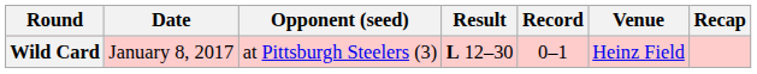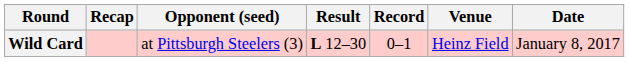 <table class="wikitable" style="text-align:center">
 <tr>
 <th>Round</th>
-<th>Date</th>
+<th>Recap</th>
 <th>Opponent (seed)</th>
 <th>Result</th>
 <th>Record</th>
 <th>Venue</th>
-<th>Recap</th>
+<th>Date</th>
 </tr>
 <tr style="background:#fcc">
 <th>Wild Card</th>
-<td>January 8, 2017</td>
+<td></td>
 <td>at <a href='#'>Pittsburgh Steelers</a> (3)</td>
 <td><strong>L</strong> 12–30</td>
 <td>0–1</td>
 <td><a href='#'>Heinz Field</a></td>
-<td></td>
+<td>January 8, 2017</td>
 </tr>
 </table>
